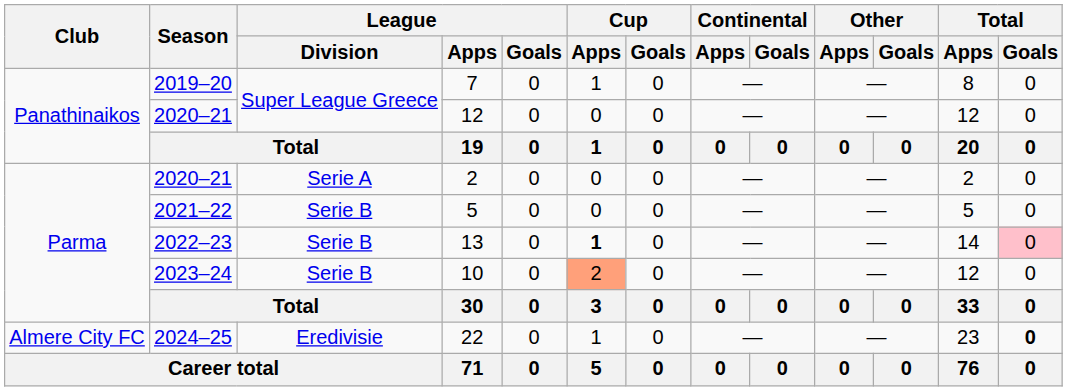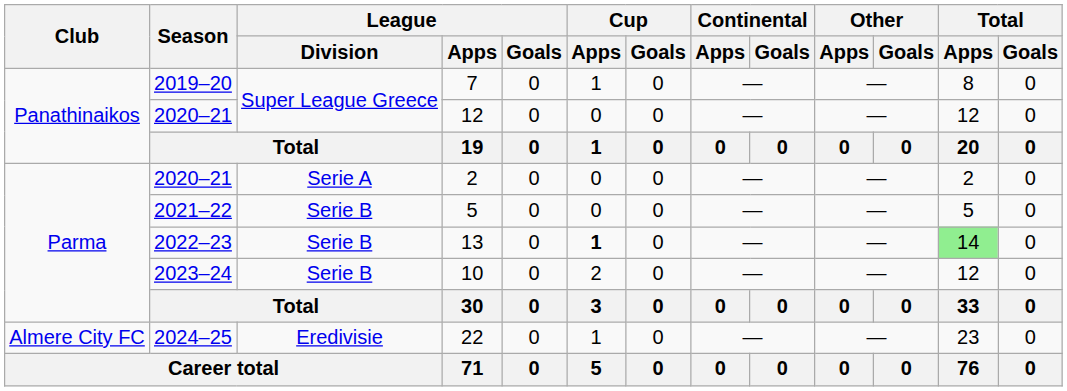 <table class="wikitable" style="text-align:center">
 <tr>
 <th rowspan=2>Club</th>
 <th rowspan=2>Season</th>
 <th colspan=3>League</th>
 <th colspan=2>Cup</th>
 <th colspan=2>Continental</th>
 <th colspan=2>Other</th>
 <th colspan=2>Total</th>
 </tr>
 <tr>
 <th>Division</th>
 <th>Apps</th>
 <th>Goals</th>
 <th>Apps</th>
 <th>Goals</th>
 <th>Apps</th>
 <th>Goals</th>
 <th>Apps</th>
 <th>Goals</th>
 <th>Apps</th>
 <th>Goals</th>
 </tr>
 <tr>
 <td rowspan="3"><a href='#'>Panathinaikos</a></td>
 <td><a href='#'>2019–20</a></td>
 <td rowspan="2"><a href='#'>Super League Greece</a></td>
 <td>7</td>
 <td>0</td>
 <td>1</td>
 <td>0</td>
 <td colspan="2">—</td>
 <td colspan="2">—</td>
 <td>8</td>
 <td>0</td>
 </tr>
 <tr>
 <td><a href='#'>2020–21</a></td>
 <td>12</td>
 <td>0</td>
 <td>0</td>
 <td>0</td>
 <td colspan="2">—</td>
 <td colspan="2">—</td>
 <td>12</td>
 <td>0</td>
 </tr>
 <tr>
 <th colspan="2">Total</th>
 <th>19</th>
 <th>0</th>
 <th>1</th>
 <th>0</th>
 <th>0</th>
 <th>0</th>
 <th>0</th>
 <th>0</th>
 <th>20</th>
 <th>0</th>
 </tr>
 <tr>
 <td rowspan="5"><a href='#'>Parma</a></td>
 <td><a href='#'>2020–21</a></td>
 <td><a href='#'>Serie A</a></td>
 <td>2</td>
 <td>0</td>
 <td>0</td>
 <td>0</td>
 <td colspan="2">—</td>
 <td colspan="2">—</td>
 <td>2</td>
 <td>0</td>
 </tr>
 <tr>
 <td><a href='#'>2021–22</a></td>
 <td><a href='#'>Serie B</a></td>
 <td>5</td>
 <td>0</td>
 <td>0</td>
 <td>0</td>
 <td colspan="2">—</td>
 <td colspan="2">—</td>
 <td>5</td>
 <td>0</td>
 </tr>
 <tr>
 <td><a href='#'>2022–23</a></td>
 <td><a href='#'>Serie B</a></td>
 <td>13</td>
 <td>0</td>
 <td><strong>1</strong></td>
 <td>0</td>
 <td colspan="2">—</td>
 <td colspan="2">—</td>
-<td>14</td>
-<td style="background: pink;">0</td>
+<td style="background: lightgreen;">14</td>
+<td>0</td>
 </tr>
 <tr>
 <td><a href='#'>2023–24</a></td>
 <td><a href='#'>Serie B</a></td>
 <td>10</td>
 <td>0</td>
-<td style="background: lightsalmon;">2</td>
+<td>2</td>
 <td>0</td>
 <td colspan="2">—</td>
 <td colspan="2">—</td>
 <td>12</td>
 <td>0</td>
 </tr>
 <tr>
 <th colspan="2">Total</th>
 <th>30</th>
 <th>0</th>
 <th>3</th>
 <th>0</th>
 <th>0</th>
 <th>0</th>
 <th>0</th>
 <th>0</th>
 <th>33</th>
 <th>0</th>
 </tr>
 <tr>
 <td><a href='#'>Almere City FC</a></td>
 <td><a href='#'>2024–25</a></td>
 <td><a href='#'>Eredivisie</a></td>
 <td>22</td>
 <td>0</td>
 <td>1</td>
 <td>0</td>
 <td colspan="2">—</td>
 <td colspan="2">—</td>
 <td>23</td>
-<td><strong>0</strong></td>
+<td>0</td>
 </tr>
 <tr>
 <th colspan="3">Career total</th>
 <th>71</th>
 <th>0</th>
 <th>5</th>
 <th>0</th>
 <th>0</th>
 <th>0</th>
 <th>0</th>
 <th>0</th>
 <th>76</th>
 <th>0</th>
 </tr>
 </table>
